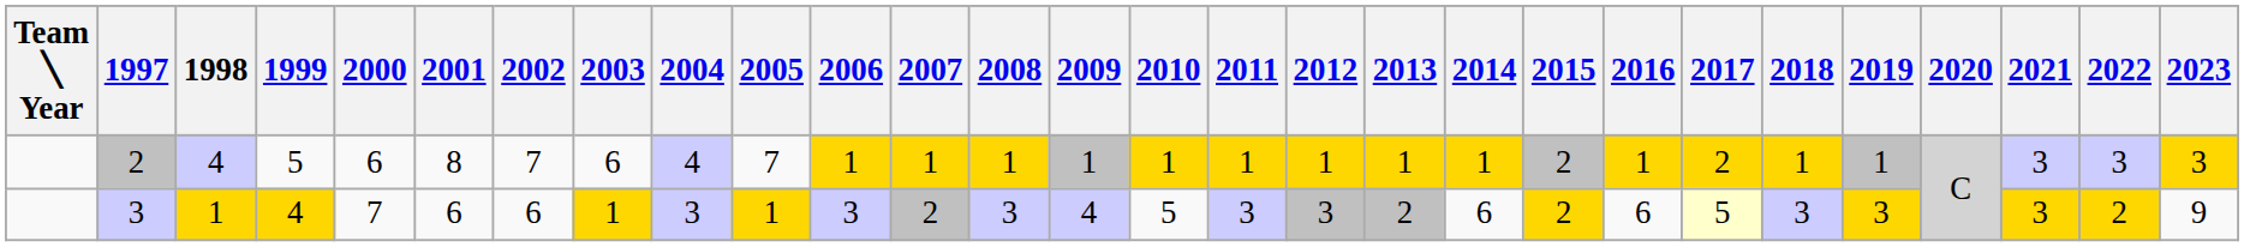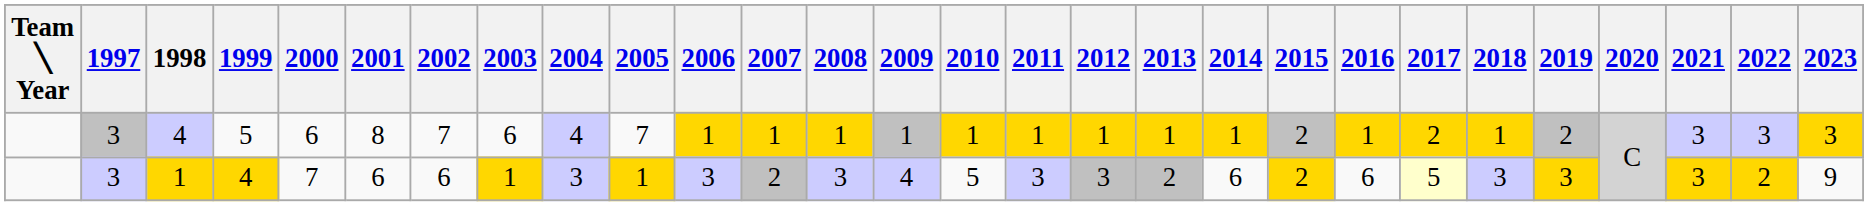 <table class=wikitable style="text-align:center; font-size:90%;">
 <tr>
 <th>Team ╲ Year</th>
 <th><a href='#'>1997</a></th>
 <th>1998</th>
 <th><a href='#'>1999</a></th>
 <th><a href='#'>2000</a></th>
 <th><a href='#'>2001</a></th>
 <th><a href='#'>2002</a></th>
 <th><a href='#'>2003</a></th>
 <th><a href='#'>2004</a></th>
 <th><a href='#'>2005</a></th>
 <th><a href='#'>2006</a></th>
 <th><a href='#'>2007</a></th>
 <th><a href='#'>2008</a></th>
 <th><a href='#'>2009</a></th>
 <th><a href='#'>2010</a></th>
 <th><a href='#'>2011</a></th>
 <th><a href='#'>2012</a></th>
 <th><a href='#'>2013</a></th>
 <th><a href='#'>2014</a></th>
 <th><a href='#'>2015</a></th>
 <th><a href='#'>2016</a></th>
 <th><a href='#'>2017</a></th>
 <th><a href='#'>2018</a></th>
 <th><a href='#'>2019</a></th>
 <th><a href='#'>2020</a></th>
 <th><a href='#'>2021</a></th>
 <th><a href='#'>2022</a></th>
 <th><a href='#'>2023</a></th>
 </tr>
 <tr>
 <td align=left><strong></strong></td>
-<td bgcolor=silver>2</td>
+<td bgcolor=silver>3</td>
 <td bgcolor=ccccff>4</td>
 <td>5</td>
 <td>6</td>
 <td>8</td>
 <td>7</td>
 <td>6</td>
 <td bgcolor=ccccff>4</td>
 <td>7</td>
 <td bgcolor=gold>1</td>
 <td bgcolor=gold>1</td>
 <td bgcolor=gold>1</td>
 <td bgcolor=silver>1</td>
 <td bgcolor=gold>1</td>
 <td bgcolor=gold>1</td>
 <td bgcolor=gold>1</td>
 <td bgcolor=gold>1</td>
 <td bgcolor=gold>1</td>
 <td bgcolor=silver>2</td>
 <td bgcolor=gold>1</td>
 <td bgcolor=gold>2</td>
 <td bgcolor=gold>1</td>
-<td bgcolor=silver>1</td>
+<td bgcolor=silver>2</td>
 <td bgcolor=D3D3D3 rowspan=2>C</td>
 <td bgcolor=CCCCFF>3</td>
 <td bgcolor=CCCCFF>3</td>
 <td bgcolor=gold>3</td>
 </tr>
 <tr>
 <td align=left><strong></strong></td>
 <td bgcolor=#CCCCFF>3</td>
 <td bgcolor=gold>1</td>
 <td bgcolor=gold>4</td>
 <td>7</td>
 <td>6</td>
 <td>6</td>
 <td bgcolor=gold>1</td>
 <td bgcolor=ccccff>3</td>
 <td bgcolor=gold>1</td>
 <td bgcolor=ccccff>3</td>
 <td bgcolor=silver>2</td>
 <td bgcolor=ccccff>3</td>
 <td bgcolor=ccccff>4</td>
 <td>5</td>
 <td bgcolor=ccccff>3</td>
 <td bgcolor=silver>3</td>
 <td bgcolor=silver>2</td>
 <td>6</td>
 <td bgcolor=gold>2</td>
 <td>6</td>
 <td bgcolor=FFFFCC>5</td>
 <td bgcolor=CCCCFF>3</td>
 <td bgcolor=gold>3</td>
 <td bgcolor=gold>3</td>
 <td bgcolor=gold>2</td>
 <td>9</td>
 </tr>
 </table>
